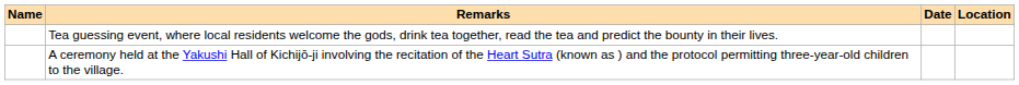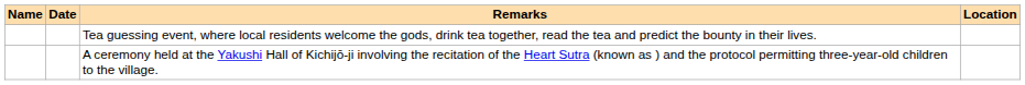 <table class="wikitable sortable" width="100%" style="background:#ffffff;">
 <tr>
 <th align="left" style="background:#ffdead;">Name</th>
+<th align="left" style="background:#ffdead;">Date</th>
 <th align="left" style="background:#ffdead;" class="unsortable">Remarks</th>
-<th align="left" style="background:#ffdead;">Date</th>
 <th style="background:#ffdead;">Location</th>
 </tr>
 <tr>
 <td></td>
+<td></td>
 <td>Tea guessing event, where local residents welcome the gods, drink tea together, read the tea and predict the bounty in their lives.</td>
-<td></td>
 <td></td>
 </tr>
 <tr>
 <td></td>
+<td></td>
 <td>A ceremony held at the <a href='#'>Yakushi</a> Hall of Kichijō-ji involving the recitation of the <a href='#'>Heart Sutra</a> (known as ) and the  protocol permitting three-year-old children to the village.</td>
-<td></td>
 <td></td>
 </tr>
 </table>
